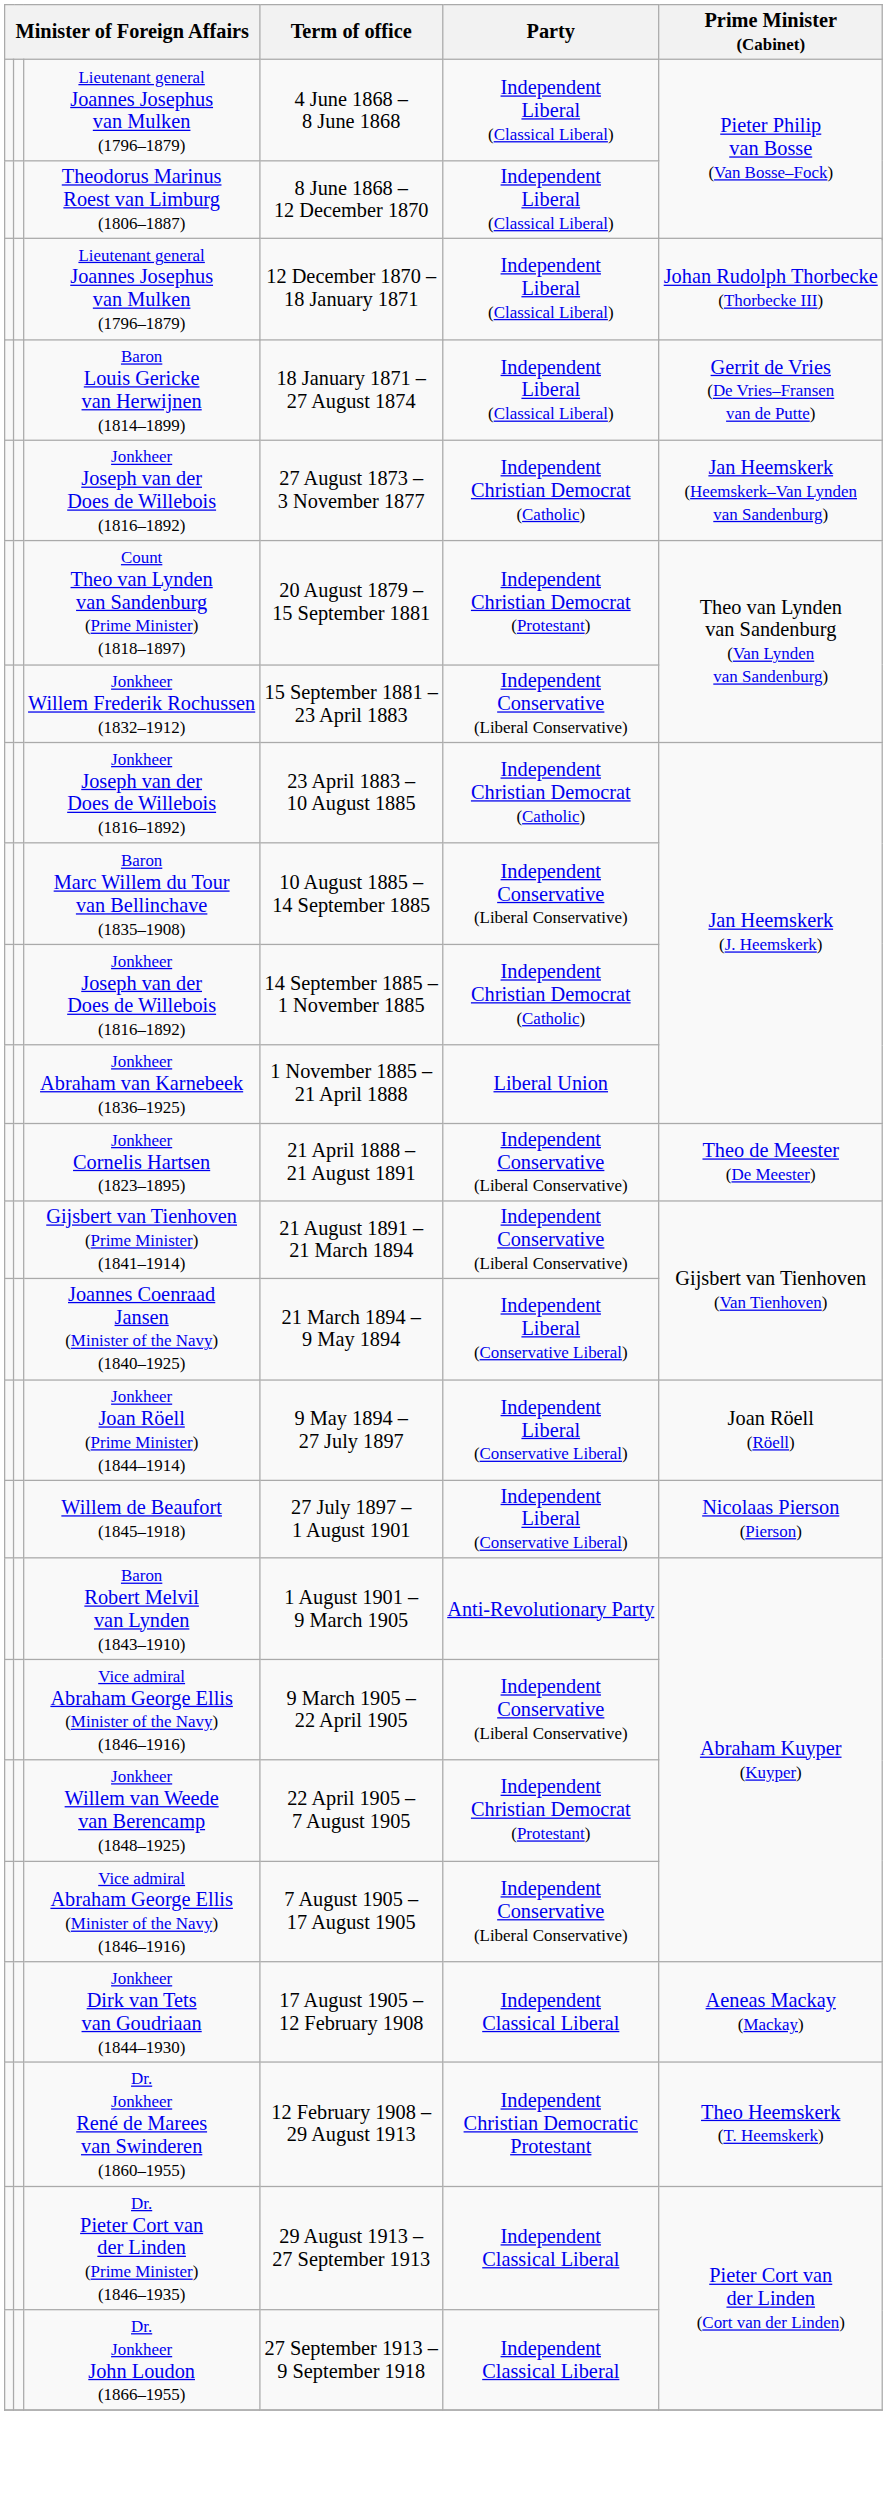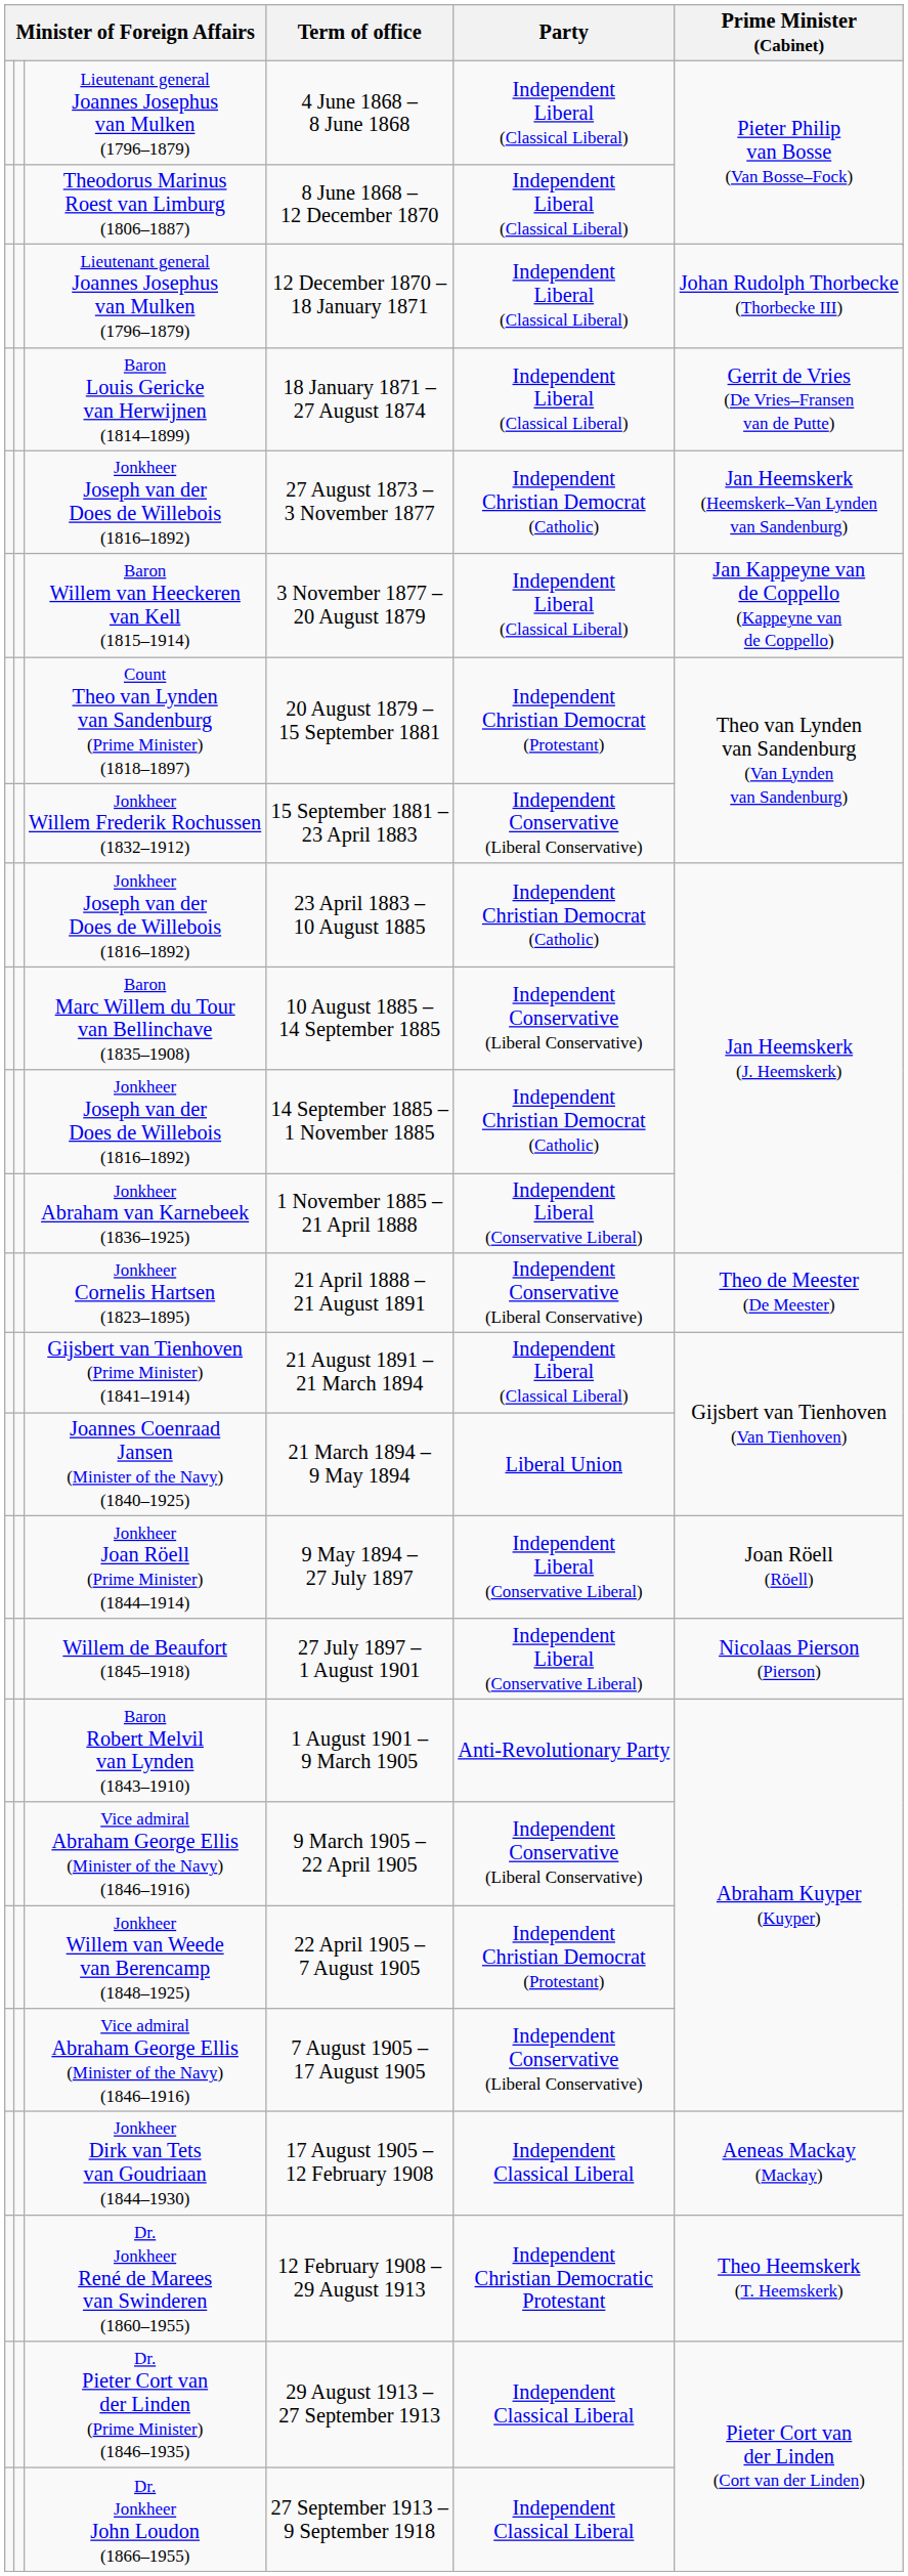 <table class="wikitable" style="text-align:center">
 <tr>
 <th colspan=3>Minister of Foreign Affairs</th>
 <th>Term of office</th>
 <th>Party</th>
 <th>Prime Minister <br> <small>(Cabinet)</small></th>
 </tr>
 <tr>
 <td style="background:"></td>
 <td></td>
 <td><small><a href='#'>Lieutenant general</a></small> <br> <a href='#'>Joannes Josephus <br> van Mulken</a> <br> <small>(1796–1879)</small></td>
 <td>4 June 1868 – <br> 8 June 1868 <br> </td>
 <td><a href='#'>Independent <br> Liberal</a> <br> <small>(<a href='#'>Classical Liberal</a>)</small></td>
 <td rowspan=3><a href='#'>Pieter Philip <br> van Bosse</a> <br> <small>(<a href='#'>Van Bosse–Fock</a>)</small> <br></td>
 </tr>
 <tr>
 <td style="background:"></td>
 <td></td>
 <td><a href='#'>Theodorus Marinus <br> Roest van Limburg</a> <br> <small>(1806–1887)</small></td>
 <td>8 June 1868 – <br> 12 December 1870 <br> </td>
 <td><a href='#'>Independent <br> Liberal</a> <br> <small>(<a href='#'>Classical Liberal</a>)</small></td>
 </tr>
 <tr>
 <td rowspan=2 style="background:"></td>
 <td rowspan=2></td>
 <td rowspan=2><small><a href='#'>Lieutenant general</a></small> <br> <a href='#'>Joannes Josephus <br> van Mulken</a> <br> <small>(1796–1879)</small></td>
 <td rowspan=2>12 December 1870 – <br> 18 January 1871 <br> </td>
 <td rowspan=2><a href='#'>Independent <br> Liberal</a> <br> <small>(<a href='#'>Classical Liberal</a>)</small></td>
 </tr>
 <tr>
 <td rowspan=2><a href='#'>Johan Rudolph Thorbecke</a> <br> <small>(<a href='#'>Thorbecke III</a>)</small> <br></td>
 </tr>
 <tr>
 <td rowspan=2 style="background:"></td>
 <td rowspan=2></td>
 <td rowspan=2><small><a href='#'>Baron</a></small> <br> <a href='#'>Louis Gericke <br> van Herwijnen</a> <br> <small>(1814–1899)</small></td>
 <td rowspan=2>18 January 1871 – <br> 27 August 1874</td>
 <td rowspan=2><a href='#'>Independent <br> Liberal</a> <br> <small>(<a href='#'>Classical Liberal</a>)</small></td>
 </tr>
 <tr>
 <td><a href='#'>Gerrit de Vries</a> <br> <small>(<a href='#'>De Vries–Fransen <br> van de Putte</a>)</small> <br></td>
 </tr>
 <tr>
 <td style="background:"></td>
 <td></td>
 <td><small><a href='#'>Jonkheer</a></small> <br> <a href='#'>Joseph van der <br> Does de Willebois</a> <br> <small>(1816–1892)</small></td>
 <td>27 August 1873 – <br> 3 November 1877</td>
 <td><a href='#'>Independent <br> Christian Democrat</a> <br> <small>(<a href='#'>Catholic</a>)</small></td>
 <td><a href='#'>Jan Heemskerk</a> <br> <small>(<a href='#'>Heemskerk–Van Lynden <br> van Sandenburg</a>)</small> <br></td>
 </tr>
 <tr>
 <td style="background:"></td>
 <td></td>
+<td><small><a href='#'>Baron</a></small> <br> <a href='#'>Willem van Heeckeren <br> van Kell</a> <br> <small>(1815–1914)</small></td>
+<td>3 November 1877 – <br> 20 August 1879</td>
+<td><a href='#'>Independent <br> Liberal</a> <br> <small>(<a href='#'>Classical Liberal</a>)</small></td>
+<td><a href='#'>Jan Kappeyne van <br> de Coppello</a> <br> <small>(<a href='#'>Kappeyne van <br> de Coppello</a>)</small> <br></td>
+</tr>
+<tr>
+<td style="background:"></td>
+<td></td>
 <td><small><a href='#'>Count</a></small> <br> <a href='#'>Theo van Lynden <br> van Sandenburg</a> <br> <small>(<a href='#'>Prime Minister</a>)</small> <br> <small>(1818–1897)</small></td>
 <td>20 August 1879 – <br> 15 September 1881 <br> </td>
 <td><a href='#'>Independent <br> Christian Democrat</a> <br> <small>(<a href='#'>Protestant</a>)</small></td>
 <td rowspan=2>Theo van Lynden <br> van Sandenburg <br> <small>(<a href='#'>Van Lynden <br> van Sandenburg</a>)</small> <br></td>
 </tr>
 <tr>
 <td style="background:"></td>
 <td></td>
 <td><small><a href='#'>Jonkheer</a></small> <br> <a href='#'>Willem Frederik Rochussen</a> <br> <small>(1832–1912)</small></td>
 <td>15 September 1881 – <br> 23 April 1883</td>
 <td><a href='#'>Independent <br> Conservative</a> <br> <small>(Liberal Conservative)</small></td>
 </tr>
 <tr>
 <td style="background:"></td>
 <td></td>
 <td><small><a href='#'>Jonkheer</a></small> <br> <a href='#'>Joseph van der <br> Does de Willebois</a> <br> <small>(1816–1892)</small></td>
 <td>23 April 1883 – <br> 10 August 1885 <br> </td>
 <td><a href='#'>Independent <br> Christian Democrat</a> <br> <small>(<a href='#'>Catholic</a>)</small></td>
 <td rowspan=4><a href='#'>Jan Heemskerk</a> <br> <small>(<a href='#'>J. Heemskerk</a>)</small> <br></td>
 </tr>
 <tr>
 <td style="background:"></td>
 <td></td>
 <td><small><a href='#'>Baron</a></small> <br> <a href='#'>Marc Willem du Tour <br> van Bellinchave</a> <br> <small>(1835–1908)</small></td>
 <td>10 August 1885 – <br> 14 September 1885 <br> </td>
 <td><a href='#'>Independent <br> Conservative</a> <br> <small>(Liberal Conservative)</small></td>
 </tr>
 <tr>
 <td style="background:"></td>
 <td></td>
 <td><small><a href='#'>Jonkheer</a></small> <br> <a href='#'>Joseph van der <br> Does de Willebois</a> <br> <small>(1816–1892)</small></td>
 <td>14 September 1885 – <br> 1 November 1885 <br> </td>
 <td><a href='#'>Independent <br> Christian Democrat</a> <br> <small>(<a href='#'>Catholic</a>)</small></td>
 </tr>
 <tr>
 <td style="background:"></td>
 <td></td>
 <td><small><a href='#'>Jonkheer</a></small> <br> <a href='#'>Abraham van Karnebeek</a> <br> <small>(1836–1925)</small></td>
 <td>1 November 1885 – <br> 21 April 1888</td>
-<td><a href='#'>Liberal Union</a></td>
+<td><a href='#'>Independent <br> Liberal</a> <br> <small>(<a href='#'>Conservative Liberal</a>)</small></td>
 </tr>
 <tr>
 <td style="background:"></td>
 <td></td>
 <td><small><a href='#'>Jonkheer</a></small> <br> <a href='#'>Cornelis Hartsen</a> <br> <small>(1823–1895)</small></td>
 <td>21 April 1888 – <br> 21 August 1891</td>
 <td><a href='#'>Independent <br> Conservative</a> <br> <small>(Liberal Conservative)</small></td>
 <td><a href='#'>Theo de Meester</a> <br> <small>(<a href='#'>De Meester</a>)</small> <br></td>
 </tr>
 <tr>
 <td style="background:"></td>
 <td></td>
 <td><a href='#'>Gijsbert van Tienhoven</a> <br> <small>(<a href='#'>Prime Minister</a>)</small> <br> <small>(1841–1914)</small></td>
 <td>21 August 1891 – <br> 21 March 1894 <br> </td>
-<td><a href='#'>Independent <br> Conservative</a> <br> <small>(Liberal Conservative)</small></td>
+<td><a href='#'>Independent <br> Liberal</a> <br> <small>(<a href='#'>Classical Liberal</a>)</small></td>
 <td rowspan=2>Gijsbert van Tienhoven <br> <small>(<a href='#'>Van Tienhoven</a>)</small> <br></td>
 </tr>
 <tr>
 <td style="background:"></td>
 <td></td>
 <td><a href='#'>Joannes Coenraad <br> Jansen</a> <br> <small>(<a href='#'>Minister of the Navy</a>)</small> <br> <small>(1840–1925)</small></td>
 <td>21 March 1894 – <br> 9 May 1894 <br> </td>
-<td><a href='#'>Independent <br> Liberal</a> <br> <small>(<a href='#'>Conservative Liberal</a>)</small></td>
+<td><a href='#'>Liberal Union</a></td>
 </tr>
 <tr>
 <td style="background:"></td>
 <td></td>
 <td><small><a href='#'>Jonkheer</a></small> <br> <a href='#'>Joan Röell</a> <br> <small>(<a href='#'>Prime Minister</a>)</small> <br> <small>(1844–1914)</small></td>
 <td>9 May 1894 – <br> 27 July 1897</td>
 <td><a href='#'>Independent <br> Liberal</a> <br> <small>(<a href='#'>Conservative Liberal</a>)</small></td>
 <td>Joan Röell <br> <small>(<a href='#'>Röell</a>)</small> <br></td>
 </tr>
 <tr>
 <td style="background:"></td>
 <td></td>
 <td><a href='#'>Willem de Beaufort</a> <br> <small>(1845–1918)</small></td>
 <td>27 July 1897 – <br> 1 August 1901</td>
 <td><a href='#'>Independent <br> Liberal</a> <br> <small>(<a href='#'>Conservative Liberal</a>)</small></td>
 <td><a href='#'>Nicolaas Pierson</a> <br> <small>(<a href='#'>Pierson</a>)</small> <br></td>
 </tr>
 <tr>
 <td style="background:"></td>
 <td></td>
 <td><small><a href='#'>Baron</a></small> <br> <a href='#'>Robert Melvil <br> van Lynden</a> <br> <small>(1843–1910)</small></td>
 <td>1 August 1901 – <br> 9 March 1905 <br> </td>
 <td><a href='#'>Anti-Revolutionary Party</a></td>
 <td rowspan=4><a href='#'>Abraham Kuyper</a> <br> <small>(<a href='#'>Kuyper</a>)</small> <br></td>
 </tr>
 <tr>
 <td style="background:"></td>
 <td></td>
 <td><small><a href='#'>Vice admiral</a></small> <br> <a href='#'>Abraham George Ellis</a> <br> <small>(<a href='#'>Minister of the Navy</a>)</small> <br> <small>(1846–1916)</small></td>
 <td>9 March 1905 – <br> 22 April 1905 <br> </td>
 <td><a href='#'>Independent <br> Conservative</a> <br> <small>(Liberal Conservative)</small></td>
 </tr>
 <tr>
 <td style="background:"></td>
 <td></td>
 <td><small><a href='#'>Jonkheer</a></small> <br> <a href='#'>Willem van Weede <br> van Berencamp</a> <br> <small>(1848–1925)</small></td>
 <td>22 April 1905 – <br> 7 August 1905 <br> </td>
 <td><a href='#'>Independent <br> Christian Democrat</a> <br> <small>(<a href='#'>Protestant</a>)</small></td>
 </tr>
 <tr>
 <td style="background:"></td>
 <td></td>
 <td><small><a href='#'>Vice admiral</a></small> <br> <a href='#'>Abraham George Ellis</a> <br> <small>(<a href='#'>Minister of the Navy</a>)</small> <br> <small>(1846–1916)</small></td>
 <td>7 August 1905 – <br> 17 August 1905 <br> </td>
 <td><a href='#'>Independent <br> Conservative</a> <br> <small>(Liberal Conservative)</small></td>
 </tr>
 <tr>
 <td style="background:"></td>
 <td></td>
 <td><small><a href='#'>Jonkheer</a></small> <br> <a href='#'>Dirk van Tets <br> van Goudriaan</a> <br> <small>(1844–1930)</small></td>
 <td>17 August 1905 – <br> 12 February 1908</td>
 <td><a href='#'>Independent</a> <br> <a href='#'>Classical Liberal</a></td>
 <td><a href='#'>Aeneas Mackay</a> <br> <small>(<a href='#'>Mackay</a>)</small> <br></td>
 </tr>
 <tr>
 <td style="background:"></td>
 <td></td>
 <td><small><a href='#'>Dr.</a></small> <br> <small><a href='#'>Jonkheer</a></small> <br> <a href='#'>René de Marees <br> van Swinderen</a> <br> <small>(1860–1955)</small></td>
 <td>12 February 1908 – <br> 29 August 1913</td>
 <td><a href='#'>Independent</a> <br> <a href='#'>Christian Democratic <br> Protestant</a></td>
 <td><a href='#'>Theo Heemskerk</a> <br> <small>(<a href='#'>T. Heemskerk</a>)</small> <br></td>
 </tr>
 <tr>
 <td style="background:"></td>
 <td></td>
 <td><small><a href='#'>Dr.</a></small> <br> <a href='#'>Pieter Cort van <br> der Linden</a> <br> <small>(<a href='#'>Prime Minister</a>)</small> <br> <small>(1846–1935)</small></td>
 <td>29 August 1913 – <br> 27 September 1913 <br> </td>
 <td><a href='#'>Independent</a> <br> <a href='#'>Classical Liberal</a></td>
 <td rowspan=2><a href='#'>Pieter Cort van <br> der Linden</a> <br> <small>(<a href='#'>Cort van der Linden</a>)</small> <br></td>
 </tr>
 <tr>
 <td style="background:"></td>
 <td></td>
 <td><small><a href='#'>Dr.</a></small> <br> <small><a href='#'>Jonkheer</a></small> <br> <a href='#'>John Loudon</a> <br> <small>(1866–1955)</small></td>
 <td>27 September 1913 – <br> 9 September 1918</td>
 <td><a href='#'>Independent</a> <br> <a href='#'>Classical Liberal</a></td>
 </tr>
 <tr>
 </tr>
 </table>
